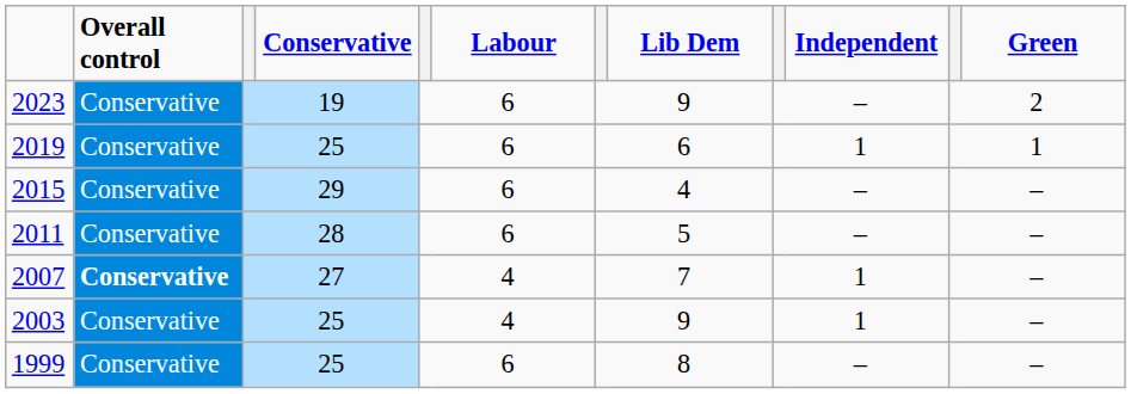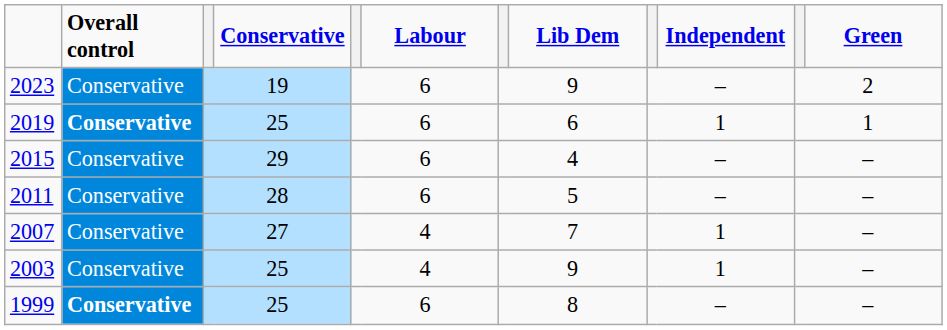 <table class="wikitable" style="text-align:left; padding-left:1em; font-size: 95%">
 <tr>
 <td width=32></td>
 <td width=90><strong>Overall control</strong></td>
 <th style="background-color: "></th>
 <td width=87 align="center"><strong><a href='#'>Conservative</a></strong></td>
 <th style="background-color: "></th>
 <td width=87 align="center"><strong><a href='#'>Labour</a></strong></td>
 <th style="background-color: "></th>
 <td width=87 align="center"><strong><a href='#'>Lib Dem</a></strong></td>
 <th style="background-color: "></th>
 <td width=87 align="center"><strong><a href='#'>Independent</a></strong></td>
 <th style="background-color: "></th>
 <td width=87 align="center"><strong><a href='#'>Green</a></strong></td>
 </tr>
 <tr>
 <td><a href='#'>2023</a></td>
 <td style="background:#0087DC; color:white">Conservative</td>
 <td colspan=2 align="center" style="background:#B3E0FF">19</td>
 <td colspan=2 align="center">6</td>
 <td colspan=2 align="center">9</td>
 <td colspan=2 align="center">–</td>
 <td colspan=2 align="center">2</td>
 </tr>
 <tr>
 <td><a href='#'>2019</a></td>
-<td style="background:#0087DC; color:white">Conservative</td>
+<td style="background:#0087DC; color:white"><strong>Conservative</strong></td>
 <td colspan=2 align="center" style="background:#B3E0FF">25</td>
 <td colspan=2 align="center">6</td>
 <td colspan=2 align="center">6</td>
 <td colspan=2 align="center">1</td>
 <td colspan=2 align="center">1</td>
 </tr>
 <tr>
 <td><a href='#'>2015</a></td>
 <td style="background:#0087DC; color:white">Conservative</td>
 <td colspan=2 align="center" style="background:#B3E0FF">29</td>
 <td colspan=2 align="center">6</td>
 <td colspan=2 align="center">4</td>
 <td colspan=2 align="center">–</td>
 <td colspan=2 align="center">–</td>
 </tr>
 <tr>
 <td><a href='#'>2011</a></td>
 <td style="background:#0087DC; color:white">Conservative</td>
 <td colspan=2 align="center" style="background:#B3E0FF">28</td>
 <td colspan=2 align="center">6</td>
 <td colspan=2 align="center">5</td>
 <td colspan=2 align="center">–</td>
 <td colspan=2 align="center">–</td>
 </tr>
 <tr>
 <td><a href='#'>2007</a></td>
-<td style="background:#0087DC; color:white"><strong>Conservative</strong></td>
+<td style="background:#0087DC; color:white">Conservative</td>
 <td colspan=2 align="center" style="background:#B3E0FF">27</td>
 <td colspan=2 align="center">4</td>
 <td colspan=2 align="center">7</td>
 <td colspan=2 align="center">1</td>
 <td colspan=2 align="center">–</td>
 </tr>
 <tr>
 <td><a href='#'>2003</a></td>
 <td style="background:#0087DC; color:white">Conservative</td>
 <td colspan=2 align="center" style="background:#B3E0FF">25</td>
 <td colspan=2 align="center">4</td>
 <td colspan=2 align="center">9</td>
 <td colspan=2 align="center">1</td>
 <td colspan=2 align="center">–</td>
 </tr>
 <tr>
 <td><a href='#'>1999</a></td>
-<td style="background:#0087DC; color:white">Conservative</td>
+<td style="background:#0087DC; color:white"><strong>Conservative</strong></td>
 <td colspan=2 align="center" style="background:#B3E0FF">25</td>
 <td colspan=2 align="center">6</td>
 <td colspan=2 align="center">8</td>
 <td colspan=2 align="center">–</td>
 <td colspan=2 align="center">–</td>
 </tr>
 </table>
